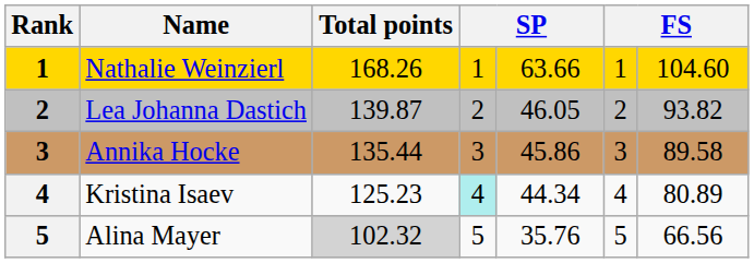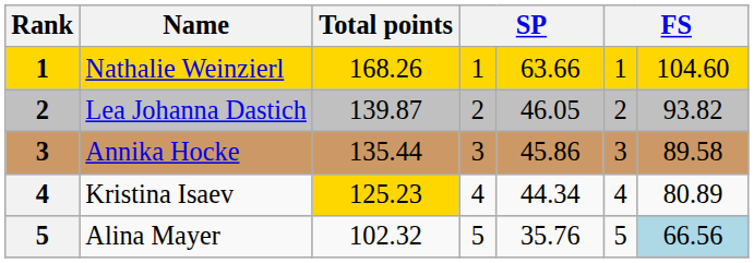 <table class="wikitable sortable">
 <tr>
 <th>Rank</th>
 <th>Name</th>
 <th>Total points</th>
 <th colspan="2" width="80px"><a href='#'>SP</a></th>
 <th colspan="2" width="80px"><a href='#'>FS</a></th>
 </tr>
 <tr bgcolor="gold">
 <td align="center"><strong>1</strong></td>
 <td><a href='#'>Nathalie Weinzierl</a></td>
 <td align="center">168.26</td>
 <td align="center">1</td>
 <td align="center">63.66</td>
 <td align="center">1</td>
 <td align="center">104.60</td>
 </tr>
 <tr bgcolor="silver">
 <td align="center"><strong>2</strong></td>
 <td><a href='#'>Lea Johanna Dastich</a></td>
 <td align="center">139.87</td>
 <td align="center">2</td>
 <td align="center">46.05</td>
 <td align="center">2</td>
 <td align="center">93.82</td>
 </tr>
 <tr bgcolor="cc9966">
 <td align="center"><strong>3</strong></td>
 <td><a href='#'>Annika Hocke</a></td>
 <td align="center">135.44</td>
 <td align="center">3</td>
 <td align="center">45.86</td>
 <td align="center">3</td>
 <td align="center">89.58</td>
 </tr>
 <tr>
 <th>4</th>
 <td>Kristina Isaev</td>
-<td align="center">125.23</td>
-<td align="center" style="background: paleturquoise;">4</td>
+<td align="center" style="background: gold;">125.23</td>
+<td align="center">4</td>
 <td align="center">44.34</td>
 <td align="center">4</td>
 <td align="center">80.89</td>
 </tr>
 <tr>
 <th>5</th>
 <td>Alina Mayer</td>
-<td align="center" style="background: lightgrey;">102.32</td>
+<td align="center">102.32</td>
 <td align="center">5</td>
 <td align="center">35.76</td>
 <td align="center">5</td>
-<td align="center">66.56</td>
+<td align="center" style="background: lightblue;">66.56</td>
 </tr>
 </table>
